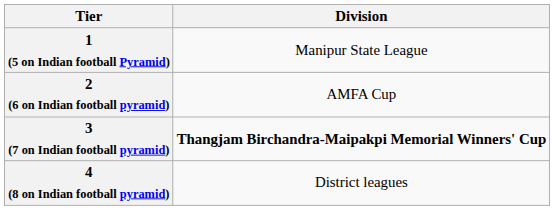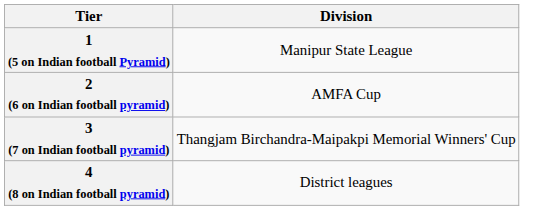 <table class="wikitable" style="text-align:center;">
 <tr>
 <th>Tier</th>
 <th>Division</th>
 </tr>
 <tr>
 <th>1<br><sub>(5 on Indian football <a href='#'>Pyramid</a>)</sub></th>
 <td>Manipur State League</td>
 </tr>
 <tr>
 <th>2<br><sub>(6 on Indian football <a href='#'>pyramid</a>)</sub></th>
 <td>AMFA Cup</td>
 </tr>
 <tr>
 <th>3<br><sub>(7 on Indian football <a href='#'>pyramid</a>)</sub></th>
-<td><strong>Thangjam Birchandra-Maipakpi Memorial Winners' Cup</strong></td>
+<td>Thangjam Birchandra-Maipakpi Memorial Winners' Cup</td>
 </tr>
 <tr>
 <th>4<br><sub>(8 on Indian football <a href='#'>pyramid</a>)</sub></th>
 <td>District leagues</td>
 </tr>
 </table>
